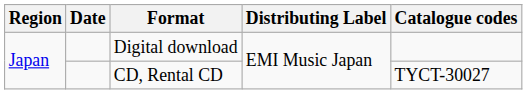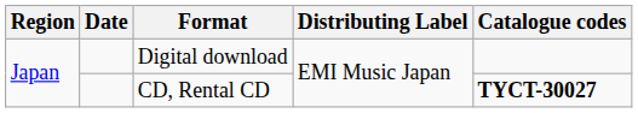 <table class="wikitable">
 <tr>
 <th>Region</th>
 <th>Date</th>
 <th>Format</th>
 <th>Distributing Label</th>
 <th>Catalogue codes</th>
 </tr>
 <tr>
 <td rowspan="2"><a href='#'>Japan</a></td>
 <td></td>
 <td>Digital download</td>
 <td rowspan="2">EMI Music Japan</td>
 <td rowspan="1"></td>
 </tr>
 <tr>
 <td></td>
 <td>CD, Rental CD</td>
-<td rowspan="1">TYCT-30027</td>
+<td rowspan="1"><strong>TYCT-30027</strong></td>
 </tr>
 </table>
